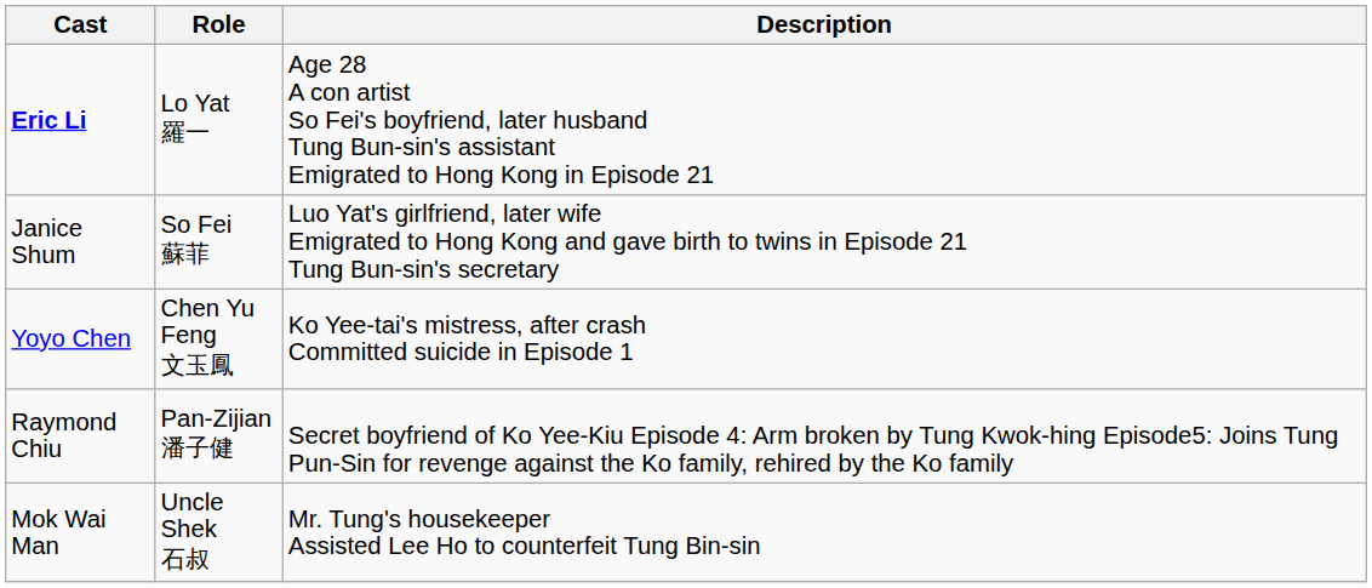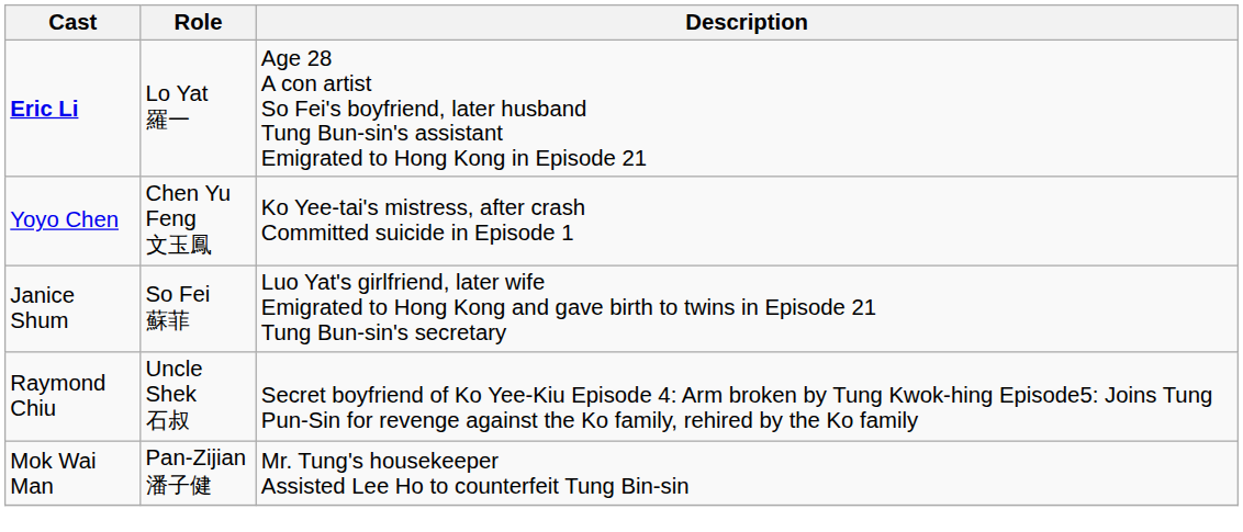 <table class="wikitable" width="70%">
 <tr>
 <th>Cast</th>
 <th>Role</th>
 <th>Description</th>
 </tr>
 <tr>
 <td><strong><a href='#'>Eric Li</a></strong></td>
 <td>Lo Yat<br>羅一</td>
 <td>Age 28<br>A con artist<br>So Fei's boyfriend, later husband<br>Tung Bun-sin's assistant<br>Emigrated to Hong Kong in Episode 21</td>
 </tr>
 <tr>
+<td><a href='#'>Yoyo Chen</a></td>
+<td>Chen Yu Feng <br> 文玉鳳</td>
+<td>Ko Yee-tai's mistress, after crash<br>Committed suicide in Episode 1</td>
+</tr>
+<tr>
 <td>Janice Shum</td>
 <td>So Fei<br>蘇菲</td>
 <td>Luo Yat's girlfriend, later wife<br>Emigrated to Hong Kong and gave birth to twins in Episode 21<br>Tung Bun-sin's secretary</td>
 </tr>
 <tr>
-<td><a href='#'>Yoyo Chen</a></td>
-<td>Chen Yu Feng <br> 文玉鳳</td>
-<td>Ko Yee-tai's mistress, after crash<br>Committed suicide in Episode 1</td>
-</tr>
-<tr>
 <td>Raymond Chiu</td>
-<td>Pan-Zijian  <br> 潘子健</td>
+<td>Uncle Shek<br>石叔</td>
 <td><br>Secret boyfriend of Ko Yee-Kiu Episode 4: Arm broken by Tung Kwok-hing Episode5: Joins Tung Pun-Sin for revenge against the Ko family, rehired by the Ko family</td>
 </tr>
 <tr>
 <td>Mok Wai Man</td>
-<td>Uncle Shek<br>石叔</td>
+<td>Pan-Zijian  <br> 潘子健</td>
 <td>Mr. Tung's housekeeper<br>Assisted Lee Ho to counterfeit Tung Bin-sin</td>
 </tr>
 <tr>
 </tr>
 </table>
